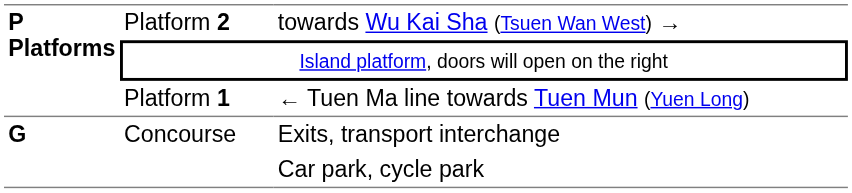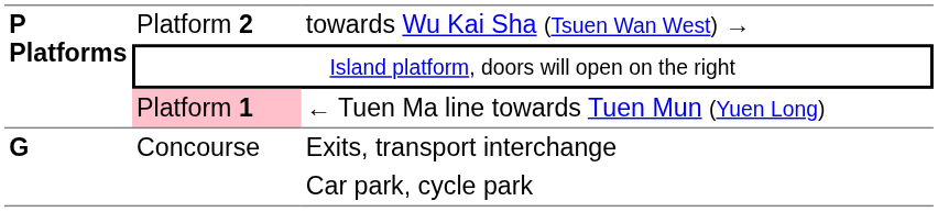 <table border=0 cellspacing=0 cellpadding=3>
 <tr>
 <td style="border-top:solid 1px gray;border-bottom:solid 1px gray;width:50px;vertical-align:top;" rowspan=3><strong>P<br>Platforms</strong></td>
 <td style="border-top:solid 1px gray;width:100px;">Platform <span><strong>2</strong></span></td>
 <td style="border-top:solid 1px gray;width:390px;">  towards <a href='#'>Wu Kai Sha</a> <small>(<a href='#'>Tsuen Wan West</a>)</small> →</td>
 </tr>
 <tr>
 <td style="border-top:solid 2px black;border-right:solid 2px black;border-left:solid 2px black;border-bottom:solid 2px black;text-align:center;" colspan=2><small><a href='#'>Island platform</a>, doors will open on the right</small></td>
 </tr>
 <tr>
-<td style="border-bottom:solid 1px gray;">Platform <span><strong>1</strong></span></td>
+<td style="background: pink; border-bottom:solid 1px gray;">Platform <span><strong>1</strong></span></td>
 <td style="border-bottom:solid 1px gray;">←  Tuen Ma line towards <a href='#'>Tuen Mun</a> <small>(<a href='#'>Yuen Long</a>)</small></td>
 </tr>
 <tr>
 <td style="border-bottom:solid 1px gray;vertical-align:top;" rowspan=2><strong>G</strong></td>
 <td style="border-bottom:solid 1px gray;vertical-align:top;" rowspan=2>Concourse</td>
 <td>Exits, transport interchange</td>
 </tr>
 <tr>
 <td style="border-bottom:solid 1px gray;">Car park, cycle park</td>
 </tr>
 </table>
